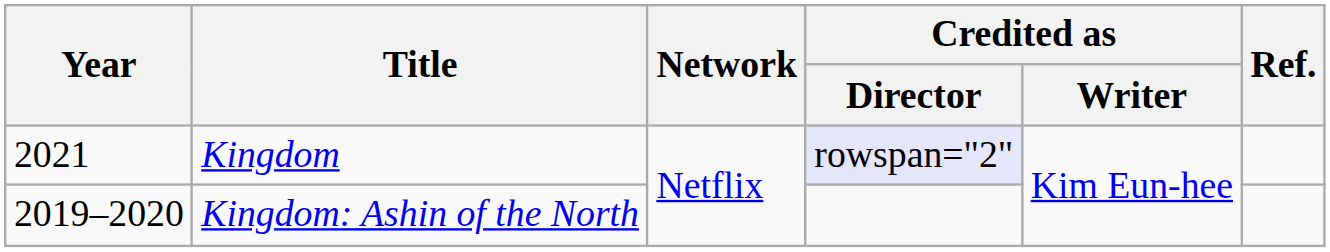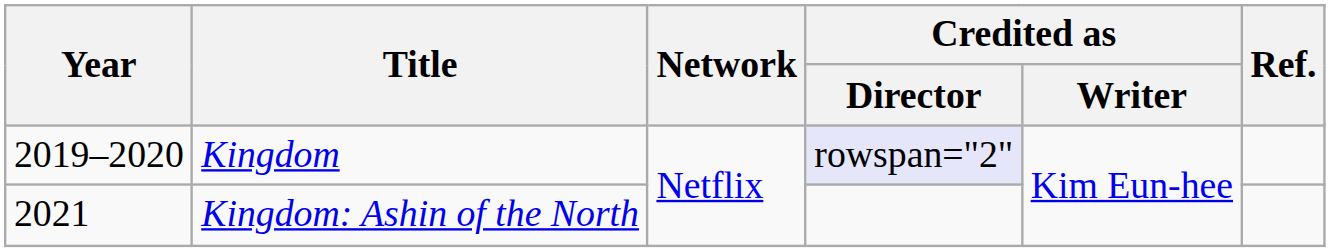 <table class="wikitable">
 <tr>
 <th rowspan="2">Year</th>
 <th rowspan="2">Title</th>
 <th rowspan="2">Network</th>
 <th colspan="2">Credited as</th>
 <th rowspan="2">Ref.</th>
 </tr>
 <tr>
 <th>Director</th>
 <th>Writer</th>
 </tr>
 <tr>
-<td>2021</td>
+<td>2019–2020</td>
 <td><em><a href='#'>Kingdom</a></em></td>
 <td rowspan="2"><a href='#'>Netflix</a></td>
 <td style="background: lavender;">rowspan="2" </td>
 <td rowspan="2"><a href='#'>Kim Eun-hee</a></td>
 <td></td>
 </tr>
 <tr>
-<td>2019–2020</td>
+<td>2021</td>
 <td><em><a href='#'>Kingdom: Ashin of the North</a></em></td>
 <td></td>
 </tr>
 </table>
